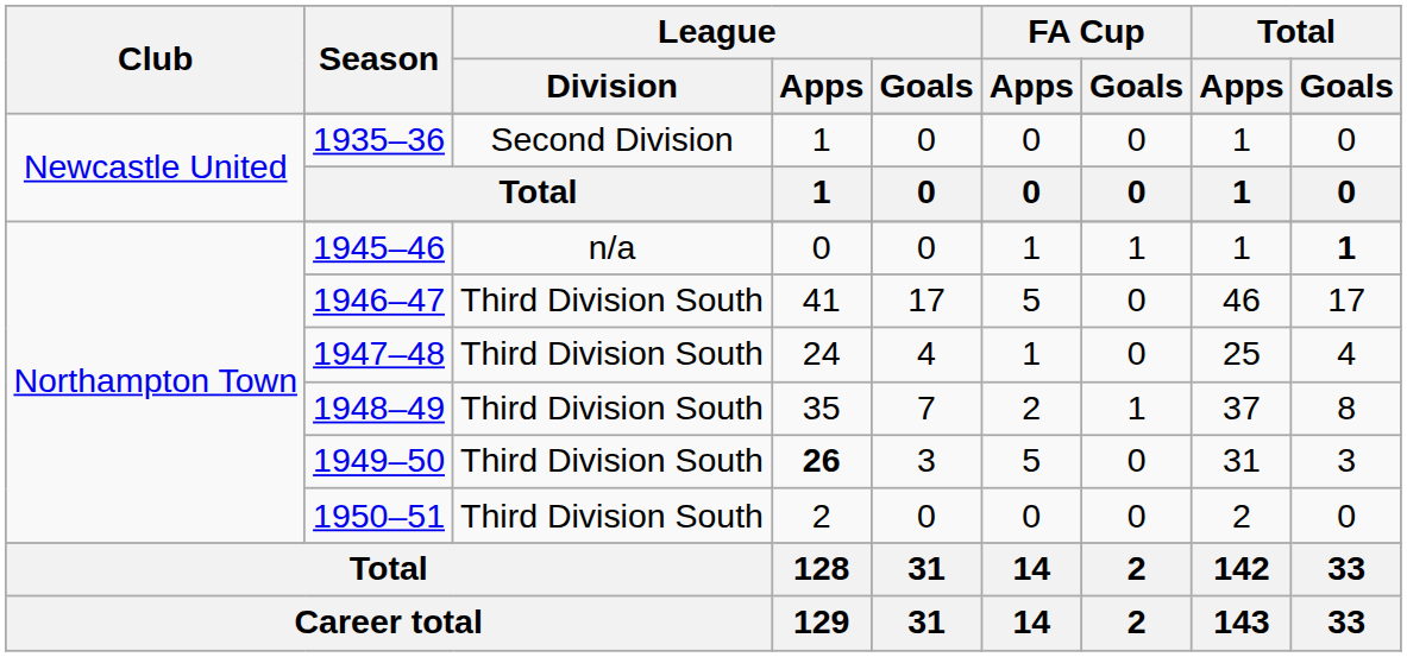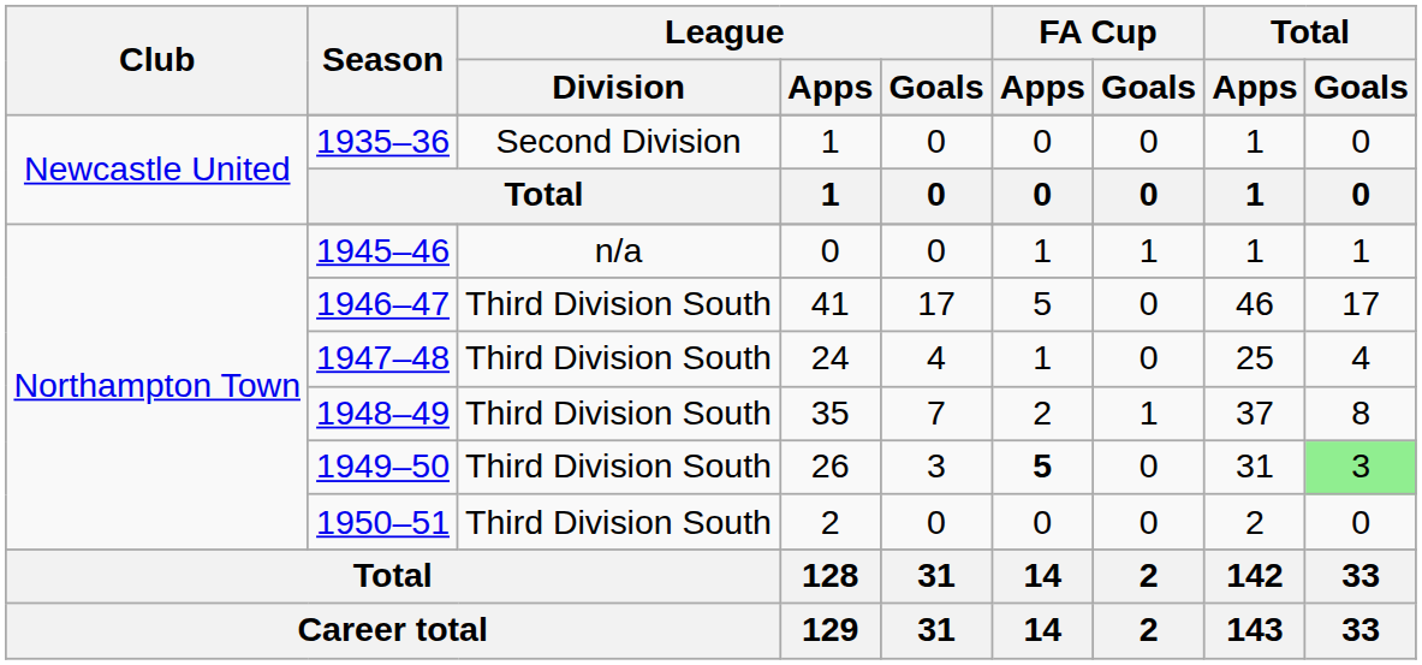 <table class="wikitable" style="text-align: center">
 <tr>
 <th rowspan="2">Club</th>
 <th rowspan="2">Season</th>
 <th colspan="3">League</th>
 <th colspan="2">FA Cup</th>
 <th colspan="2">Total</th>
 </tr>
 <tr>
 <th>Division</th>
 <th>Apps</th>
 <th>Goals</th>
 <th>Apps</th>
 <th>Goals</th>
 <th>Apps</th>
 <th>Goals</th>
 </tr>
 <tr>
 <td rowspan="3"><a href='#'>Newcastle United</a></td>
 </tr>
 <tr>
 <td><a href='#'>1935–36</a></td>
 <td>Second Division</td>
 <td>1</td>
 <td>0</td>
 <td>0</td>
 <td>0</td>
 <td>1</td>
 <td>0</td>
 </tr>
 <tr>
 <th colspan="2">Total</th>
 <th>1</th>
 <th>0</th>
 <th>0</th>
 <th>0</th>
 <th>1</th>
 <th>0</th>
 </tr>
 <tr>
 <td rowspan="7"><a href='#'>Northampton Town</a></td>
 </tr>
 <tr>
 <td><a href='#'>1945–46</a></td>
 <td>n/a</td>
 <td>0</td>
 <td>0</td>
 <td>1</td>
 <td>1</td>
 <td>1</td>
-<td><strong>1</strong></td>
+<td>1</td>
 </tr>
 <tr>
 <td><a href='#'>1946–47</a></td>
 <td>Third Division South</td>
 <td>41</td>
 <td>17</td>
 <td>5</td>
 <td>0</td>
 <td>46</td>
 <td>17</td>
 </tr>
 <tr>
 <td><a href='#'>1947–48</a></td>
 <td>Third Division South</td>
 <td>24</td>
 <td>4</td>
 <td>1</td>
 <td>0</td>
 <td>25</td>
 <td>4</td>
 </tr>
 <tr>
 <td><a href='#'>1948–49</a></td>
 <td>Third Division South</td>
 <td>35</td>
 <td>7</td>
 <td>2</td>
 <td>1</td>
 <td>37</td>
 <td>8</td>
 </tr>
 <tr>
 <td><a href='#'>1949–50</a></td>
 <td>Third Division South</td>
-<td><strong>26</strong></td>
+<td>26</td>
 <td>3</td>
-<td>5</td>
+<td><strong>5</strong></td>
 <td>0</td>
 <td>31</td>
-<td>3</td>
+<td style="background: lightgreen;">3</td>
 </tr>
 <tr>
 <td><a href='#'>1950–51</a></td>
 <td>Third Division South</td>
 <td>2</td>
 <td>0</td>
 <td>0</td>
 <td>0</td>
 <td>2</td>
 <td>0</td>
 </tr>
 <tr>
 <th colspan="3">Total</th>
 <th>128</th>
 <th>31</th>
 <th>14</th>
 <th>2</th>
 <th>142</th>
 <th>33</th>
 </tr>
 <tr>
 <th colspan="3">Career total</th>
 <th>129</th>
 <th>31</th>
 <th>14</th>
 <th>2</th>
 <th>143</th>
 <th>33</th>
 </tr>
 </table>
